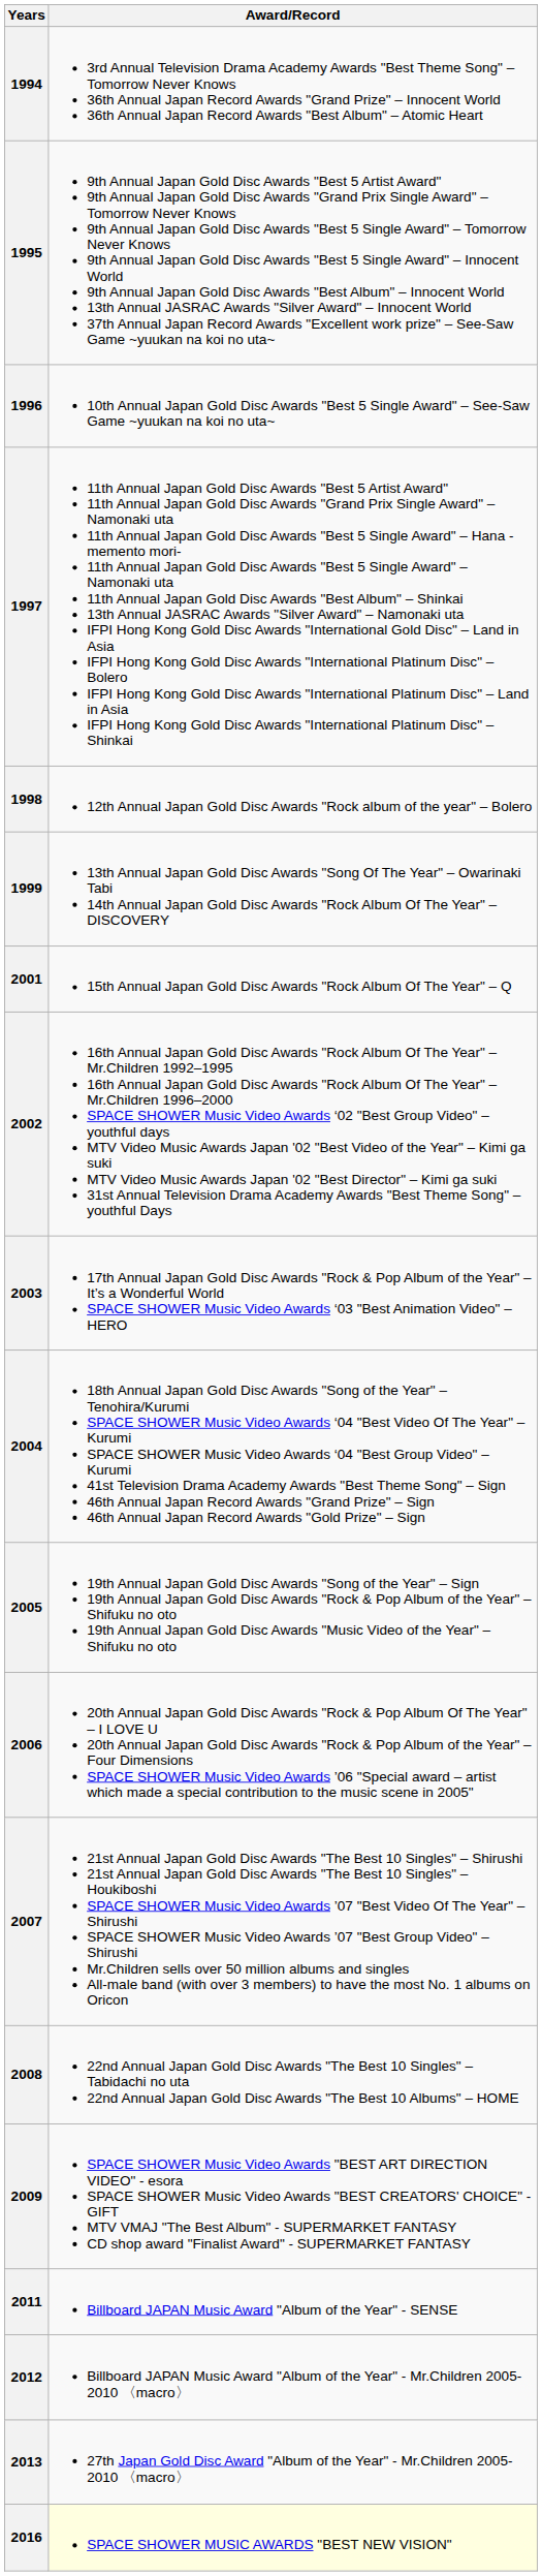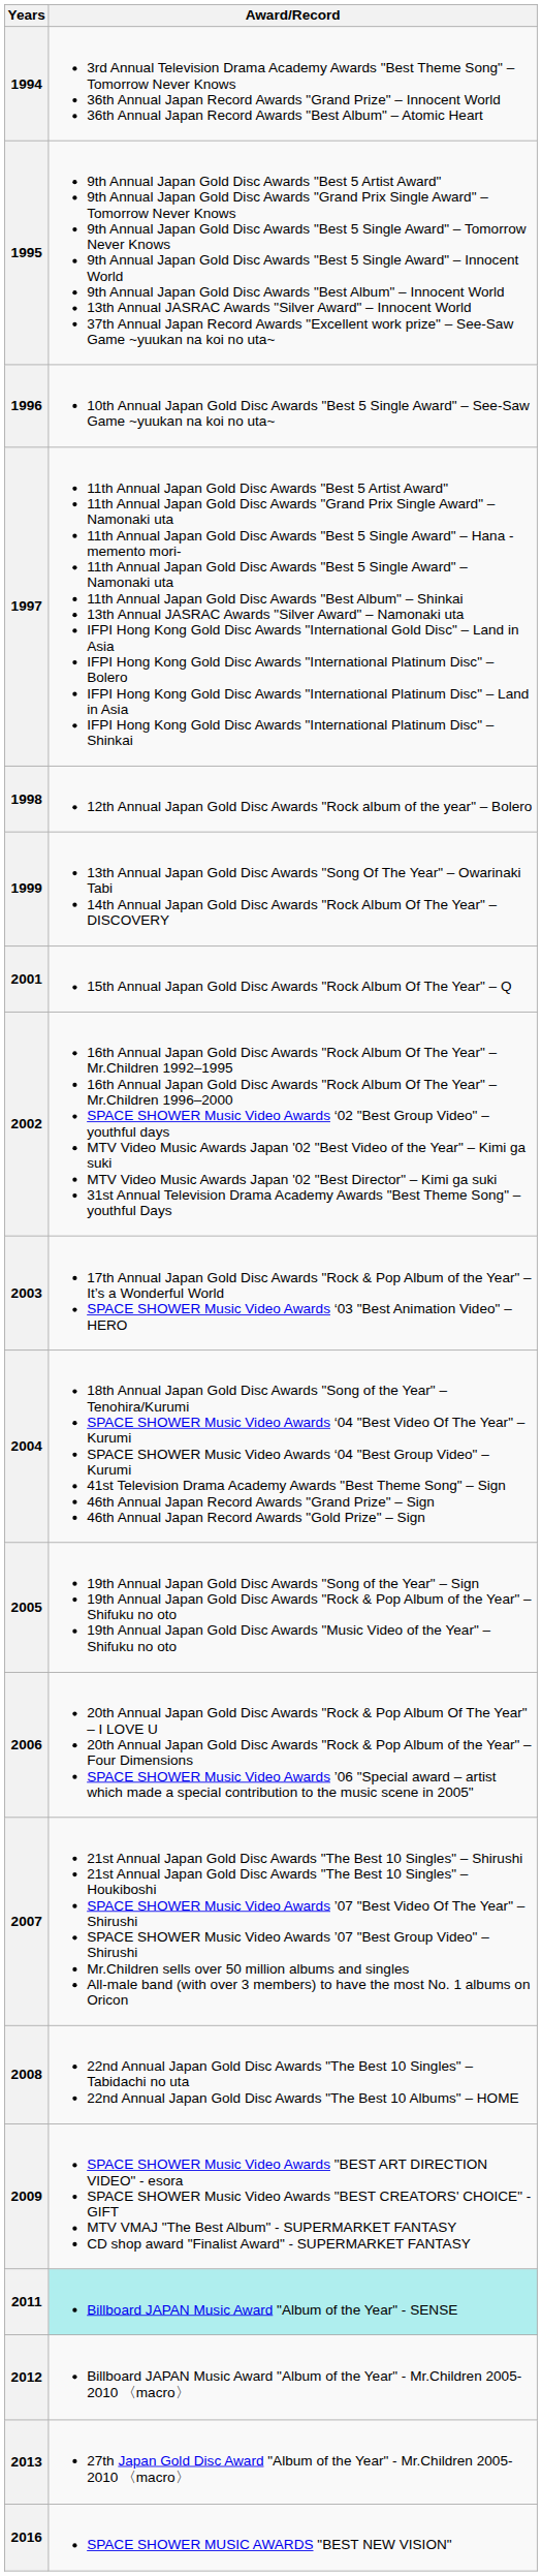 <table class="wikitable">
 <tr>
 <th align="left">Years</th>
 <th align="left">Award/Record</th>
 </tr>
 <tr>
 <th align="center">1994</th>
 <td align="left"><br><ul><li>3rd Annual Television Drama Academy Awards "Best Theme Song" – Tomorrow Never Knows</li><li>36th Annual Japan Record Awards "Grand Prize" – Innocent World</li><li>36th Annual Japan Record Awards "Best Album" – Atomic Heart</li></ul></td>
 </tr>
 <tr>
 <th align="center">1995</th>
 <td align="left"><br><ul><li>9th Annual Japan Gold Disc Awards "Best 5 Artist Award"</li><li>9th Annual Japan Gold Disc Awards "Grand Prix Single Award" – Tomorrow Never Knows</li><li>9th Annual Japan Gold Disc Awards "Best 5 Single Award" – Tomorrow Never Knows</li><li>9th Annual Japan Gold Disc Awards "Best 5 Single Award" – Innocent World</li><li>9th Annual Japan Gold Disc Awards "Best Album" – Innocent World</li><li>13th Annual JASRAC Awards "Silver Award" – Innocent World</li><li>37th Annual Japan Record Awards "Excellent work prize" – See-Saw Game ~yuukan na koi no uta~</li></ul></td>
 </tr>
 <tr>
 <th align="center">1996</th>
 <td align="left"><br><ul><li>10th Annual Japan Gold Disc Awards "Best 5 Single Award" – See-Saw Game ~yuukan na koi no uta~</li></ul></td>
 </tr>
 <tr>
 <th align="center">1997</th>
 <td align="left"><br><ul><li>11th Annual Japan Gold Disc Awards "Best 5 Artist Award"</li><li>11th Annual Japan Gold Disc Awards "Grand Prix Single Award" – Namonaki uta</li><li>11th Annual Japan Gold Disc Awards "Best 5 Single Award" – Hana -memento mori-</li><li>11th Annual Japan Gold Disc Awards "Best 5 Single Award" – Namonaki uta</li><li>11th Annual Japan Gold Disc Awards "Best Album" – Shinkai</li><li>13th Annual JASRAC Awards "Silver Award" – Namonaki uta</li><li>IFPI Hong Kong Gold Disc Awards "International Gold Disc" – Land in Asia</li><li>IFPI Hong Kong Gold Disc Awards "International Platinum Disc" – Bolero</li><li>IFPI Hong Kong Gold Disc Awards "International Platinum Disc" – Land in Asia</li><li>IFPI Hong Kong Gold Disc Awards "International Platinum Disc" – Shinkai</li></ul></td>
 </tr>
 <tr>
 <th align="center">1998</th>
 <td align="left"><br><ul><li>12th Annual Japan Gold Disc Awards "Rock album of the year" – Bolero</li></ul></td>
 </tr>
 <tr>
 <th align="center">1999</th>
 <td align="left"><br><ul><li>13th Annual Japan Gold Disc Awards "Song Of The Year" – Owarinaki Tabi</li><li>14th Annual Japan Gold Disc Awards "Rock Album Of The Year" – DISCOVERY</li></ul></td>
 </tr>
 <tr>
 <th align="center">2001</th>
 <td align="left"><br><ul><li>15th Annual Japan Gold Disc Awards "Rock Album Of The Year" – Q</li></ul></td>
 </tr>
 <tr>
 <th align="center">2002</th>
 <td align="left"><br><ul><li>16th Annual Japan Gold Disc Awards "Rock Album Of The Year" – Mr.Children 1992–1995</li><li>16th Annual Japan Gold Disc Awards "Rock Album Of The Year" – Mr.Children 1996–2000</li><li><a href='#'>SPACE SHOWER Music Video Awards</a> ‘02 "Best Group Video" – youthful days</li><li>MTV Video Music Awards Japan '02 "Best Video of the Year" – Kimi ga suki</li><li>MTV Video Music Awards Japan '02 "Best Director" – Kimi ga suki</li><li>31st Annual Television Drama Academy Awards "Best Theme Song" – youthful Days</li></ul></td>
 </tr>
 <tr>
 <th align="center">2003</th>
 <td align="left"><br><ul><li>17th Annual Japan Gold Disc Awards "Rock & Pop Album of the Year" – It’s a Wonderful World</li><li><a href='#'>SPACE SHOWER Music Video Awards</a> ‘03 "Best Animation Video" – HERO</li></ul></td>
 </tr>
 <tr>
 <th align="center">2004</th>
 <td align="left"><br><ul><li>18th Annual Japan Gold Disc Awards "Song of the Year" – Tenohira/Kurumi</li><li><a href='#'>SPACE SHOWER Music Video Awards</a> ‘04 "Best Video Of The Year" – Kurumi</li><li>SPACE SHOWER Music Video Awards ‘04 "Best Group Video" – Kurumi</li><li>41st Television Drama Academy Awards "Best Theme Song" – Sign</li><li>46th Annual Japan Record Awards "Grand Prize" – Sign</li><li>46th Annual Japan Record Awards "Gold Prize" – Sign</li></ul></td>
 </tr>
 <tr>
 <th align="center">2005</th>
 <td align="left"><br><ul><li>19th Annual Japan Gold Disc Awards "Song of the Year" – Sign</li><li>19th Annual Japan Gold Disc Awards "Rock & Pop Album of the Year" – Shifuku no oto</li><li>19th Annual Japan Gold Disc Awards "Music Video of the Year" – Shifuku no oto</li></ul></td>
 </tr>
 <tr>
 <th align="center">2006</th>
 <td align="left"><br><ul><li>20th Annual Japan Gold Disc Awards "Rock & Pop Album Of The Year" – I LOVE U</li><li>20th Annual Japan Gold Disc Awards "Rock & Pop Album of the Year" – Four Dimensions</li><li><a href='#'>SPACE SHOWER Music Video Awards</a> ’06 "Special award – artist which made a special contribution to the music scene in 2005"</li></ul></td>
 </tr>
 <tr>
 <th align="center">2007</th>
 <td align="left"><br><ul><li>21st Annual Japan Gold Disc Awards "The Best 10 Singles" – Shirushi</li><li>21st Annual Japan Gold Disc Awards "The Best 10 Singles" – Houkiboshi</li><li><a href='#'>SPACE SHOWER Music Video Awards</a> ’07 "Best Video Of The Year" – Shirushi</li><li>SPACE SHOWER Music Video Awards ’07 "Best Group Video" – Shirushi</li><li>Mr.Children sells over 50 million albums and singles</li><li>All-male band (with over 3 members) to have the most No. 1 albums on Oricon</li></ul></td>
 </tr>
 <tr>
 <th align="center">2008</th>
 <td align="left"><br><ul><li>22nd Annual Japan Gold Disc Awards "The Best 10 Singles" – Tabidachi no uta</li><li>22nd Annual Japan Gold Disc Awards "The Best 10 Albums" – HOME</li></ul></td>
 </tr>
 <tr>
 <th>2009</th>
 <td><br><ul><li><a href='#'>SPACE SHOWER Music Video Awards</a> "BEST ART DIRECTION VIDEO" -  esora</li><li>SPACE SHOWER Music Video Awards "BEST CREATORS' CHOICE" -  GIFT</li><li>MTV VMAJ "The Best Album" - SUPERMARKET FANTASY</li><li>CD shop award "Finalist Award" - SUPERMARKET FANTASY</li></ul></td>
 </tr>
 <tr>
 <th>2011</th>
-<td><br><ul><li><a href='#'>Billboard JAPAN Music Award</a> "Album of the Year" - SENSE</li></ul></td>
+<td style="background: paleturquoise;"><br><ul><li><a href='#'>Billboard JAPAN Music Award</a> "Album of the Year" - SENSE</li></ul></td>
 </tr>
 <tr>
 <th>2012</th>
 <td><br><ul><li>Billboard JAPAN Music Award "Album of the Year" - Mr.Children 2005-2010 〈macro〉</li></ul></td>
 </tr>
 <tr>
 <th>2013</th>
 <td><br><ul><li>27th <a href='#'>Japan Gold Disc Award</a> "Album of the Year" - Mr.Children 2005-2010 〈macro〉</li></ul></td>
 </tr>
 <tr>
 <th>2016</th>
-<td style="background: lightyellow;"><br><ul><li><a href='#'>SPACE SHOWER MUSIC AWARDS</a>  "BEST NEW VISION"</li></ul></td>
+<td><br><ul><li><a href='#'>SPACE SHOWER MUSIC AWARDS</a>  "BEST NEW VISION"</li></ul></td>
 </tr>
 </table>
